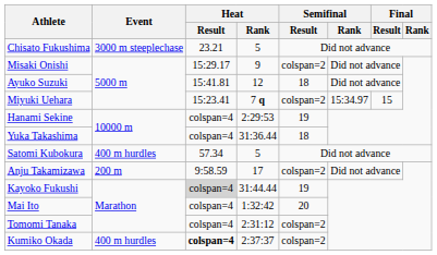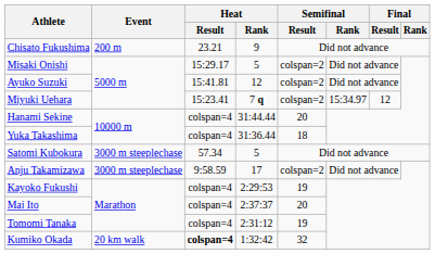 <table class="wikitable" style="font-size:90%">
 <tr>
 <th rowspan="2">Athlete</th>
 <th rowspan="2">Event</th>
 <th colspan="2">Heat</th>
 <th colspan="2">Semifinal</th>
 <th colspan="2">Final</th>
 </tr>
 <tr style="font-size:95%">
 <th>Result</th>
 <th>Rank</th>
 <th>Result</th>
 <th>Rank</th>
 <th>Result</th>
 <th>Rank</th>
 </tr>
 <tr align=center>
 <td align=left><a href='#'>Chisato Fukushima</a></td>
-<td align=left><a href='#'>3000 m steeplechase</a></td>
+<td align=left><a href='#'>200 m</a></td>
 <td>23.21</td>
-<td>5</td>
+<td>9</td>
 <td colspan=4>Did not advance</td>
 </tr>
 <tr align=center>
 <td align=left><a href='#'>Misaki Onishi</a></td>
 <td align=left rowspan=3><a href='#'>5000 m</a></td>
 <td>15:29.17</td>
-<td>9</td>
+<td>5</td>
 <td>colspan=2 </td>
 <td colspan=2>Did not advance</td>
 </tr>
 <tr align=center>
 <td align=left><a href='#'>Ayuko Suzuki</a></td>
 <td>15:41.81</td>
 <td>12</td>
-<td>18</td>
+<td>colspan=2 </td>
 <td colspan=2>Did not advance</td>
 </tr>
 <tr align=center>
 <td align=left><a href='#'>Miyuki Uehara</a></td>
 <td>15:23.41</td>
 <td>7 <strong>q</strong></td>
 <td>colspan=2 </td>
 <td>15:34.97</td>
-<td>15</td>
+<td>12</td>
 </tr>
 <tr align=center>
 <td align=left><a href='#'>Hanami Sekine</a></td>
 <td align=left rowspan=2><a href='#'>10000 m</a></td>
 <td>colspan=4 </td>
-<td>2:29:53</td>
-<td>19</td>
+<td>31:44.44</td>
+<td>20</td>
 </tr>
 <tr align=center>
 <td align=left><a href='#'>Yuka Takashima</a></td>
 <td>colspan=4 </td>
 <td>31:36.44</td>
 <td>18</td>
 </tr>
 <tr align=center>
 <td align=left><a href='#'>Satomi Kubokura</a></td>
-<td align=left><a href='#'>400 m hurdles</a></td>
+<td align=left><a href='#'>3000 m steeplechase</a></td>
 <td>57.34</td>
 <td>5</td>
 <td colspan=4>Did not advance</td>
 </tr>
 <tr align=center>
 <td align=left><a href='#'>Anju Takamizawa</a></td>
-<td align=left><a href='#'>200 m</a></td>
+<td align=left><a href='#'>3000 m steeplechase</a></td>
 <td>9:58.59</td>
 <td>17</td>
 <td>colspan=2 </td>
 <td colspan=2>Did not advance</td>
 </tr>
 <tr align=center>
 <td align=left><a href='#'>Kayoko Fukushi</a></td>
 <td align=left rowspan=3><a href='#'>Marathon</a></td>
-<td style="background: lightgrey;">colspan=4 </td>
-<td>31:44.44</td>
+<td>colspan=4 </td>
+<td>2:29:53</td>
 <td>19</td>
 </tr>
 <tr align=center>
 <td align=left><a href='#'>Mai Ito</a></td>
 <td>colspan=4 </td>
-<td>1:32:42</td>
+<td>2:37:37</td>
 <td>20</td>
 </tr>
 <tr align=center>
 <td align=left><a href='#'>Tomomi Tanaka</a></td>
 <td>colspan=4 </td>
 <td>2:31:12</td>
-<td>colspan=2 </td>
+<td>19</td>
 </tr>
 <tr align=center>
 <td align=left><a href='#'>Kumiko Okada</a></td>
-<td align=left><a href='#'>400 m hurdles</a></td>
+<td align=left><a href='#'>20 km walk</a></td>
 <td><strong>colspan=4 </strong></td>
-<td>2:37:37</td>
-<td>colspan=2 </td>
+<td>1:32:42</td>
+<td>32</td>
 </tr>
 </table>
